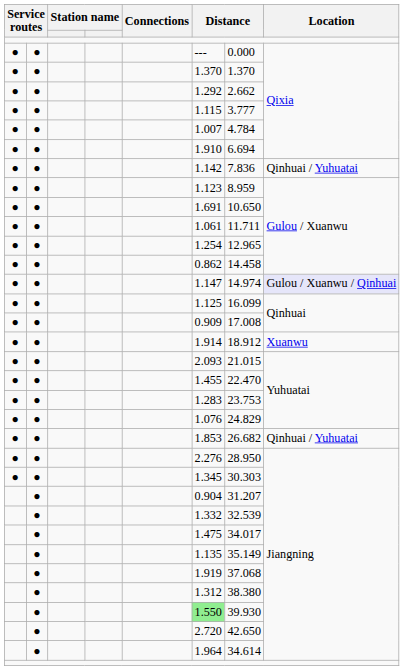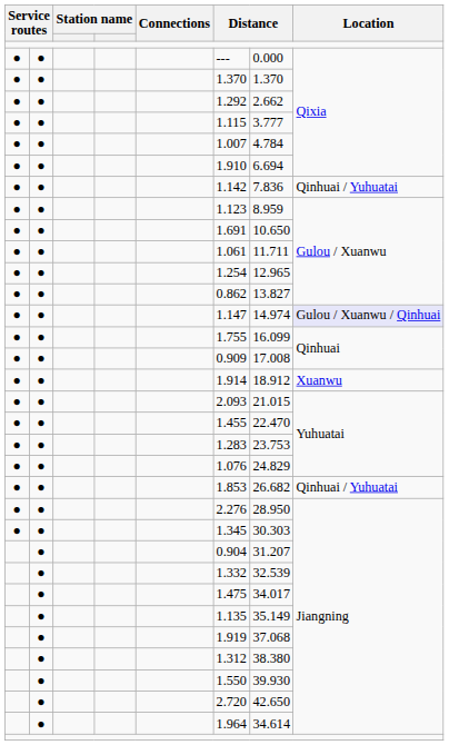 <table class="wikitable">
 <tr>
 <th colspan="2" rowspan="2">Service<br>routes</th>
 <th colspan="2">Station name</th>
 <th rowspan="2">Connections</th>
 <th colspan="2" rowspan="2">Distance<br></th>
 <th rowspan="2">Location</th>
 </tr>
 <tr>
 <th></th>
 <th></th>
 </tr>
 <tr style="background:#">
 <td colspan = "10"></td>
 </tr>
 <tr>
 <td align="center">●</td>
 <td align="center">●</td>
 <td></td>
 <td></td>
 <td></td>
 <td>---</td>
 <td>0.000</td>
 <td rowspan="6"><a href='#'>Qixia</a></td>
 </tr>
 <tr>
 <td align="center">●</td>
 <td align="center">●</td>
 <td></td>
 <td></td>
 <td></td>
 <td>1.370</td>
 <td>1.370</td>
 </tr>
 <tr>
 <td align="center">●</td>
 <td align="center">●</td>
 <td></td>
 <td></td>
 <td></td>
 <td>1.292</td>
 <td>2.662</td>
 </tr>
 <tr>
 <td align="center">●</td>
 <td align="center">●</td>
 <td></td>
 <td></td>
 <td></td>
 <td>1.115</td>
 <td>3.777</td>
 </tr>
 <tr>
 <td align="center">●</td>
 <td align="center">●</td>
 <td></td>
 <td></td>
 <td></td>
 <td>1.007</td>
 <td>4.784</td>
 </tr>
 <tr>
 <td align="center">●</td>
 <td align="center">●</td>
 <td></td>
 <td></td>
 <td></td>
 <td>1.910</td>
 <td>6.694</td>
 </tr>
 <tr>
 <td align="center">●</td>
 <td align="center">●</td>
 <td></td>
 <td></td>
 <td></td>
 <td>1.142</td>
 <td>7.836</td>
 <td>Qinhuai / <a href='#'>Yuhuatai</a></td>
 </tr>
 <tr>
 <td align="center">●</td>
 <td align="center">●</td>
 <td></td>
 <td></td>
 <td> <br> </td>
 <td>1.123</td>
 <td>8.959</td>
 <td rowspan="5"><a href='#'>Gulou</a> / Xuanwu</td>
 </tr>
 <tr>
 <td align="center">●</td>
 <td align="center">●</td>
 <td></td>
 <td></td>
 <td></td>
 <td>1.691</td>
 <td>10.650</td>
 </tr>
 <tr>
 <td align="center">●</td>
 <td align="center">●</td>
 <td></td>
 <td></td>
 <td></td>
 <td>1.061</td>
 <td>11.711</td>
 </tr>
 <tr>
 <td align="center">●</td>
 <td align="center">●</td>
 <td></td>
 <td></td>
 <td></td>
 <td>1.254</td>
 <td>12.965</td>
 </tr>
 <tr>
 <td align="center">●</td>
 <td align="center">●</td>
 <td></td>
 <td></td>
 <td></td>
 <td>0.862</td>
-<td>14.458</td>
+<td>13.827</td>
 </tr>
 <tr>
 <td align="center">●</td>
 <td align="center">●</td>
 <td></td>
 <td></td>
 <td></td>
 <td>1.147</td>
 <td>14.974</td>
 <td style="background: lavender;">Gulou / Xuanwu / <a href='#'>Qinhuai</a></td>
 </tr>
 <tr>
 <td align="center">●</td>
 <td align="center">●</td>
 <td></td>
 <td></td>
 <td></td>
-<td>1.125</td>
+<td>1.755</td>
 <td>16.099</td>
 <td rowspan="2">Qinhuai</td>
 </tr>
 <tr>
 <td align="center">●</td>
 <td align="center">●</td>
 <td></td>
 <td></td>
 <td></td>
 <td>0.909</td>
 <td>17.008</td>
 </tr>
 <tr>
 <td align="center">●</td>
 <td align="center">●</td>
 <td></td>
 <td></td>
 <td></td>
 <td>1.914</td>
 <td>18.912</td>
 <td><a href='#'>Xuanwu</a></td>
 </tr>
 <tr>
 <td align="center">●</td>
 <td align="center">●</td>
 <td></td>
 <td></td>
 <td></td>
 <td>2.093</td>
 <td>21.015</td>
 <td rowspan="4">Yuhuatai</td>
 </tr>
 <tr>
 <td align="center">●</td>
 <td align="center">●</td>
 <td></td>
 <td></td>
 <td></td>
 <td>1.455</td>
 <td>22.470</td>
 </tr>
 <tr>
 <td align="center">●</td>
 <td align="center">●</td>
 <td></td>
 <td></td>
 <td></td>
 <td>1.283</td>
 <td>23.753</td>
 </tr>
 <tr>
 <td align="center">●</td>
 <td align="center">●</td>
 <td></td>
 <td></td>
 <td></td>
 <td>1.076</td>
 <td>24.829</td>
 </tr>
 <tr>
 <td align="center">●</td>
 <td align="center">●</td>
 <td></td>
 <td></td>
 <td>    </td>
 <td>1.853</td>
 <td>26.682</td>
 <td>Qinhuai / <a href='#'>Yuhuatai</a></td>
 </tr>
 <tr>
 <td align="center">●</td>
 <td align="center">●</td>
 <td></td>
 <td></td>
 <td></td>
 <td>2.276</td>
 <td>28.950</td>
 <td rowspan="11">Jiangning</td>
 </tr>
 <tr>
 <td align="center">●</td>
 <td align="center">●</td>
 <td></td>
 <td></td>
 <td></td>
 <td>1.345</td>
 <td>30.303</td>
 </tr>
 <tr>
 <td align="center"></td>
 <td align="center">●</td>
 <td></td>
 <td></td>
 <td></td>
 <td>0.904</td>
 <td>31.207</td>
 </tr>
 <tr>
 <td align="center"></td>
 <td align="center">●</td>
 <td></td>
 <td></td>
 <td></td>
 <td>1.332</td>
 <td>32.539</td>
 </tr>
 <tr>
 <td align="center"></td>
 <td align="center">●</td>
 <td></td>
 <td></td>
 <td></td>
 <td>1.475</td>
 <td>34.017</td>
 </tr>
 <tr>
 <td align="center"></td>
 <td align="center">●</td>
 <td></td>
 <td></td>
 <td></td>
 <td>1.135</td>
 <td>35.149</td>
 </tr>
 <tr>
 <td align="center"></td>
 <td align="center">●</td>
 <td></td>
 <td></td>
 <td></td>
 <td>1.919</td>
 <td>37.068</td>
 </tr>
 <tr>
 <td align="center"></td>
 <td align="center">●</td>
 <td></td>
 <td></td>
 <td></td>
 <td>1.312</td>
 <td>38.380</td>
 </tr>
 <tr>
 <td align="center"></td>
 <td align="center">●</td>
 <td></td>
 <td></td>
 <td></td>
-<td style="background: lightgreen;">1.550</td>
+<td>1.550</td>
 <td>39.930</td>
 </tr>
 <tr>
 <td align="center"></td>
 <td align="center">●</td>
 <td></td>
 <td></td>
 <td></td>
 <td>2.720</td>
 <td>42.650</td>
 </tr>
 <tr>
 <td align="center"></td>
 <td align="center">●</td>
 <td></td>
 <td></td>
 <td></td>
 <td>1.964</td>
 <td>34.614</td>
 </tr>
 <tr style="background:#">
 <td colspan = "8"></td>
 </tr>
 </table>
